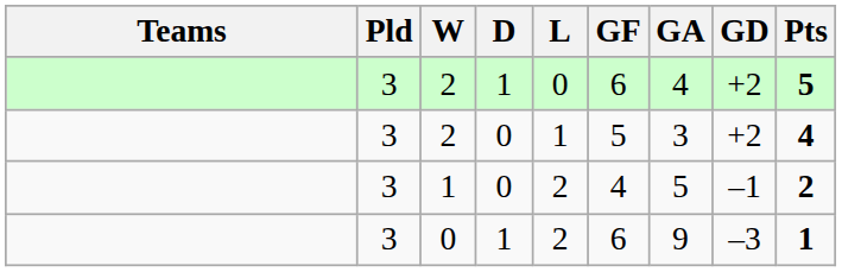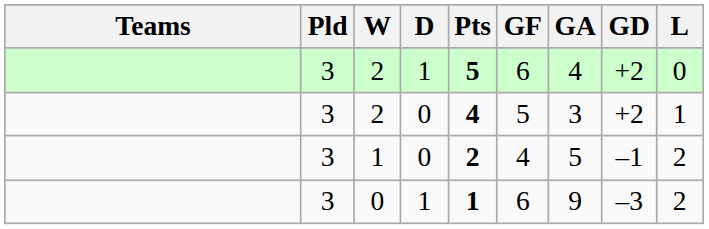 <table class="wikitable" style="text-align: center;">
 <tr>
 <th width=165>Teams</th>
 <th width=20>Pld</th>
 <th width=20>W</th>
 <th width=20>D</th>
-<th width=20>L</th>
+<th width=20>Pts</th>
 <th width=20>GF</th>
 <th width=20>GA</th>
 <th width=20>GD</th>
-<th width=20>Pts</th>
+<th width=20>L</th>
 </tr>
 <tr align=center style="background:#ccffcc;">
 <td style="text-align:left;"></td>
 <td>3</td>
 <td>2</td>
 <td>1</td>
-<td>0</td>
+<td><strong>5</strong></td>
 <td>6</td>
 <td>4</td>
 <td>+2</td>
-<td><strong>5</strong></td>
+<td>0</td>
 </tr>
 <tr align=center>
 <td style="text-align:left;"></td>
 <td>3</td>
 <td>2</td>
 <td>0</td>
-<td>1</td>
+<td><strong>4</strong></td>
 <td>5</td>
 <td>3</td>
 <td>+2</td>
-<td><strong>4</strong></td>
+<td>1</td>
 </tr>
 <tr align=center>
 <td style="text-align:left;"></td>
 <td>3</td>
 <td>1</td>
 <td>0</td>
-<td>2</td>
+<td><strong>2</strong></td>
 <td>4</td>
 <td>5</td>
 <td>–1</td>
-<td><strong>2</strong></td>
+<td>2</td>
 </tr>
 <tr align=center>
 <td style="text-align:left;"></td>
 <td>3</td>
 <td>0</td>
 <td>1</td>
-<td>2</td>
+<td><strong>1</strong></td>
 <td>6</td>
 <td>9</td>
 <td>–3</td>
-<td><strong>1</strong></td>
+<td>2</td>
 </tr>
 </table>
